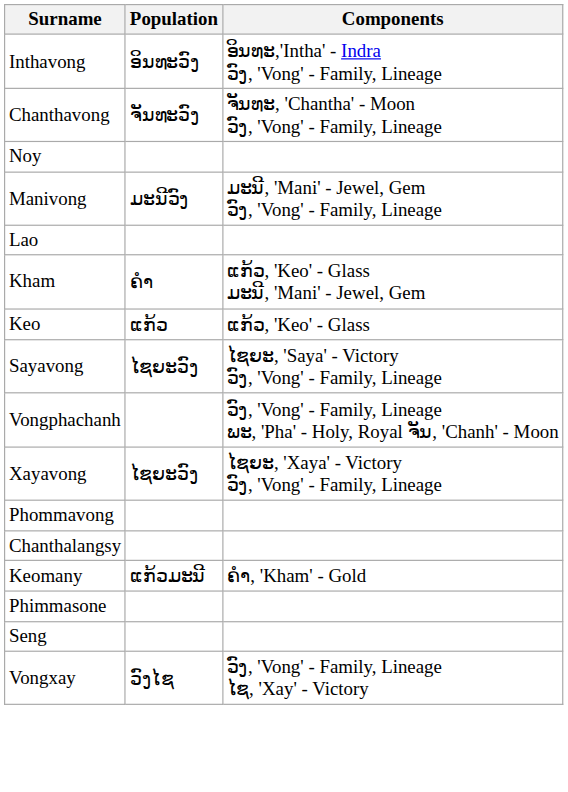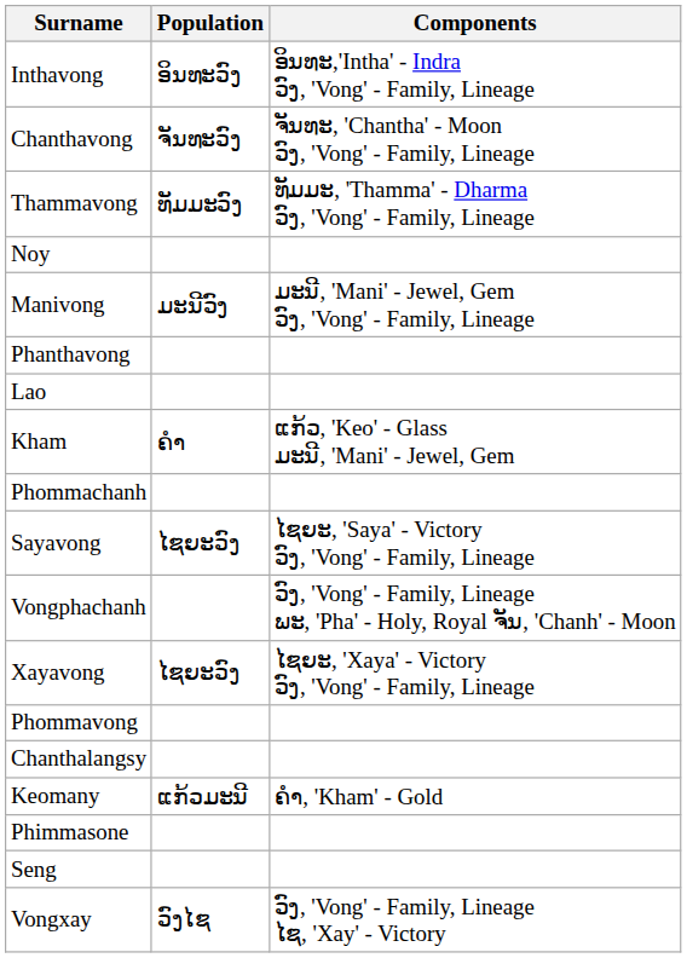 <table class="wikitable">
 <tr ----bgcolor="#eeeeee">
 <th>Surname</th>
 <th>Population</th>
 <th>Components</th>
 </tr>
 <tr ---- bgcolor="#ffffff">
 <td>Inthavong</td>
 <td>ອິນທະວົງ</td>
 <td>ອິນທະ,'Intha' - <a href='#'>Indra</a><br>ວົງ, 'Vong' - Family, Lineage</td>
 </tr>
 <tr ---- bgcolor="#ffffff">
 <td>Chanthavong</td>
 <td>ຈັນທະວົງ</td>
 <td>ຈັນທະ, 'Chantha' - Moon<br>ວົງ, 'Vong' - Family, Lineage</td>
 </tr>
 <tr ---- bgcolor="#ffffff">
+<td>Thammavong</td>
+<td>ທັມມະວົງ</td>
+<td>ທັມມະ, 'Thamma' - <a href='#'>Dharma</a><br>ວົງ, 'Vong' - Family, Lineage</td>
+</tr>
+<tr ---- bgcolor="#ffffff">
 <td>Noy</td>
 <td></td>
 <td></td>
 </tr>
 <tr ---- bgcolor="#ffffff">
 <td>Manivong</td>
 <td>ມະນີວົງ</td>
 <td>ມະນີ, 'Mani' - Jewel, Gem<br>ວົງ, 'Vong' - Family, Lineage</td>
+</tr>
+<tr ---- bgcolor="#ffffff">
+<td>Phanthavong</td>
+<td></td>
+<td></td>
 </tr>
 <tr ---- bgcolor="#ffffff">
 <td>Lao</td>
 <td></td>
 <td></td>
 </tr>
 <tr ---- bgcolor="#ffffff">
 <td>Kham</td>
 <td>ຄຳ</td>
 <td>ແກ້ວ, 'Keo' - Glass<br>ມະນີ, 'Mani' - Jewel, Gem</td>
 </tr>
 <tr ---- bgcolor="#ffffff">
-<td>Keo</td>
-<td>ແກ້ວ</td>
-<td>ແກ້ວ, 'Keo' - Glass</td>
+<td>Phommachanh</td>
+<td></td>
+<td></td>
 </tr>
 <tr ---- bgcolor="#ffffff">
 <td>Sayavong</td>
 <td>ໄຊຍະວົງ</td>
 <td>ໄຊຍະ, 'Saya' - Victory<br>ວົງ, 'Vong' - Family, Lineage</td>
 </tr>
 <tr ---- bgcolor="#ffffff">
 <td>Vongphachanh</td>
 <td></td>
 <td>ວົງ, 'Vong' - Family, Lineage<br>ພະ, 'Pha' - Holy, Royal ຈັນ, 'Chanh' - Moon</td>
 </tr>
 <tr ---- bgcolor="#ffffff">
 <td>Xayavong</td>
 <td>ໄຊຍະວົງ</td>
 <td>ໄຊຍະ, 'Xaya' - Victory<br>ວົງ, 'Vong' - Family, Lineage</td>
 </tr>
 <tr ---- bgcolor="#ffffff">
 <td>Phommavong</td>
 <td></td>
 <td></td>
 </tr>
 <tr ---- bgcolor="#ffffff">
 <td>Chanthalangsy</td>
 <td></td>
 <td></td>
 </tr>
 <tr ---- bgcolor="#ffffff">
 <td>Keomany</td>
 <td>ແກ້ວມະນີ</td>
 <td>ຄຳ, 'Kham' - Gold</td>
 </tr>
 <tr ---- bgcolor="#ffffff">
 <td>Phimmasone</td>
 <td></td>
 <td></td>
 </tr>
 <tr ---- bgcolor="#ffffff">
 <td>Seng</td>
 <td></td>
 <td></td>
 </tr>
 <tr ---- bgcolor="#ffffff">
 <td>Vongxay</td>
 <td>ວົງໄຊ</td>
 <td>ວົງ, 'Vong' - Family, Lineage<br>ໄຊ, 'Xay' - Victory</td>
 </tr>
 </table>
